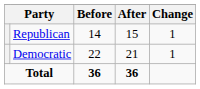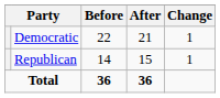 <table class="wikitable" style="text-align:center;">
 <tr>
 </tr>
 <tr>
 <th colspan=2>Party</th>
 <th>Before</th>
 <th>After</th>
 <th>Change</th>
 </tr>
 <tr>
 <th style="background-color:"></th>
-<td style="text-align:left;"><a href='#'>Republican</a></td>
-<td>14</td>
-<td>15</td>
+<td style="text-align:left;"><a href='#'>Democratic</a></td>
+<td>22</td>
+<td>21</td>
 <td> 1</td>
 </tr>
 <tr>
 <th style="background-color:"></th>
-<td style="text-align:left;"><a href='#'>Democratic</a></td>
-<td>22</td>
-<td>21</td>
+<td style="text-align:left;"><a href='#'>Republican</a></td>
+<td>14</td>
+<td>15</td>
 <td> 1</td>
 </tr>
 <tr>
 <td colspan=2><strong>Total</strong></td>
 <td><strong>36</strong></td>
 <td><strong>36</strong></td>
 <td></td>
 </tr>
 </table>
